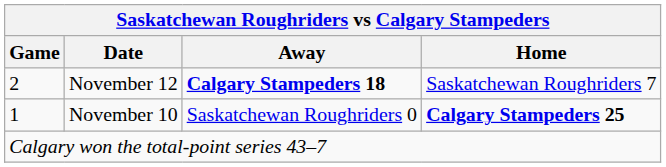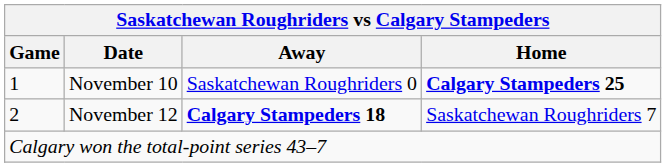 <table class="wikitable">
 <tr>
 <th colspan="4"><a href='#'>Saskatchewan Roughriders</a> vs <a href='#'>Calgary Stampeders</a></th>
 </tr>
 <tr>
 <th>Game</th>
 <th>Date</th>
 <th>Away</th>
 <th>Home</th>
 </tr>
 <tr>
+<td>1</td>
+<td>November 10</td>
+<td><a href='#'>Saskatchewan Roughriders</a> 0</td>
+<td><strong><a href='#'>Calgary Stampeders</a> 25</strong></td>
+</tr>
+<tr>
 <td>2</td>
 <td>November 12</td>
 <td><strong><a href='#'>Calgary Stampeders</a> 18</strong></td>
 <td><a href='#'>Saskatchewan Roughriders</a> 7</td>
 </tr>
 <tr>
-<td>1</td>
-<td>November 10</td>
-<td><a href='#'>Saskatchewan Roughriders</a> 0</td>
-<td><strong><a href='#'>Calgary Stampeders</a> 25</strong></td>
-</tr>
-<tr>
 <td colspan="4"><em>Calgary won the total-point series 43–7</em></td>
 </tr>
 </table>
